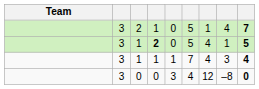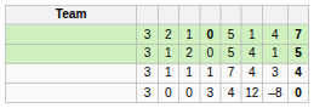 <table class="wikitable" style="text-align: center;">
 <tr>
 <th width=165>Team</th>
 <th width=20></th>
 <th width=20></th>
 <th width=20></th>
 <th width=20></th>
 <th width=20></th>
 <th width=20></th>
 <th width=26></th>
 <th width=20></th>
 </tr>
 <tr bgcolor="#D0F0C0">
 <td style="text-align:left;"></td>
 <td>3</td>
 <td>2</td>
 <td>1</td>
-<td>0</td>
+<td><strong>0</strong></td>
 <td>5</td>
 <td>1</td>
 <td>4</td>
 <td><strong>7</strong></td>
 </tr>
 <tr bgcolor="#D0F0C0">
 <td style="text-align:left;"></td>
 <td>3</td>
 <td>1</td>
-<td><strong>2</strong></td>
+<td>2</td>
 <td>0</td>
 <td>5</td>
 <td>4</td>
 <td>1</td>
 <td><strong>5</strong></td>
 </tr>
 <tr>
 <td style="text-align:left;"></td>
 <td>3</td>
 <td>1</td>
 <td>1</td>
 <td>1</td>
 <td>7</td>
 <td>4</td>
 <td>3</td>
 <td><strong>4</strong></td>
 </tr>
 <tr>
 <td style="text-align:left;"></td>
 <td>3</td>
 <td>0</td>
 <td>0</td>
 <td>3</td>
 <td>4</td>
 <td>12</td>
 <td>–8</td>
 <td><strong>0</strong></td>
 </tr>
 </table>
